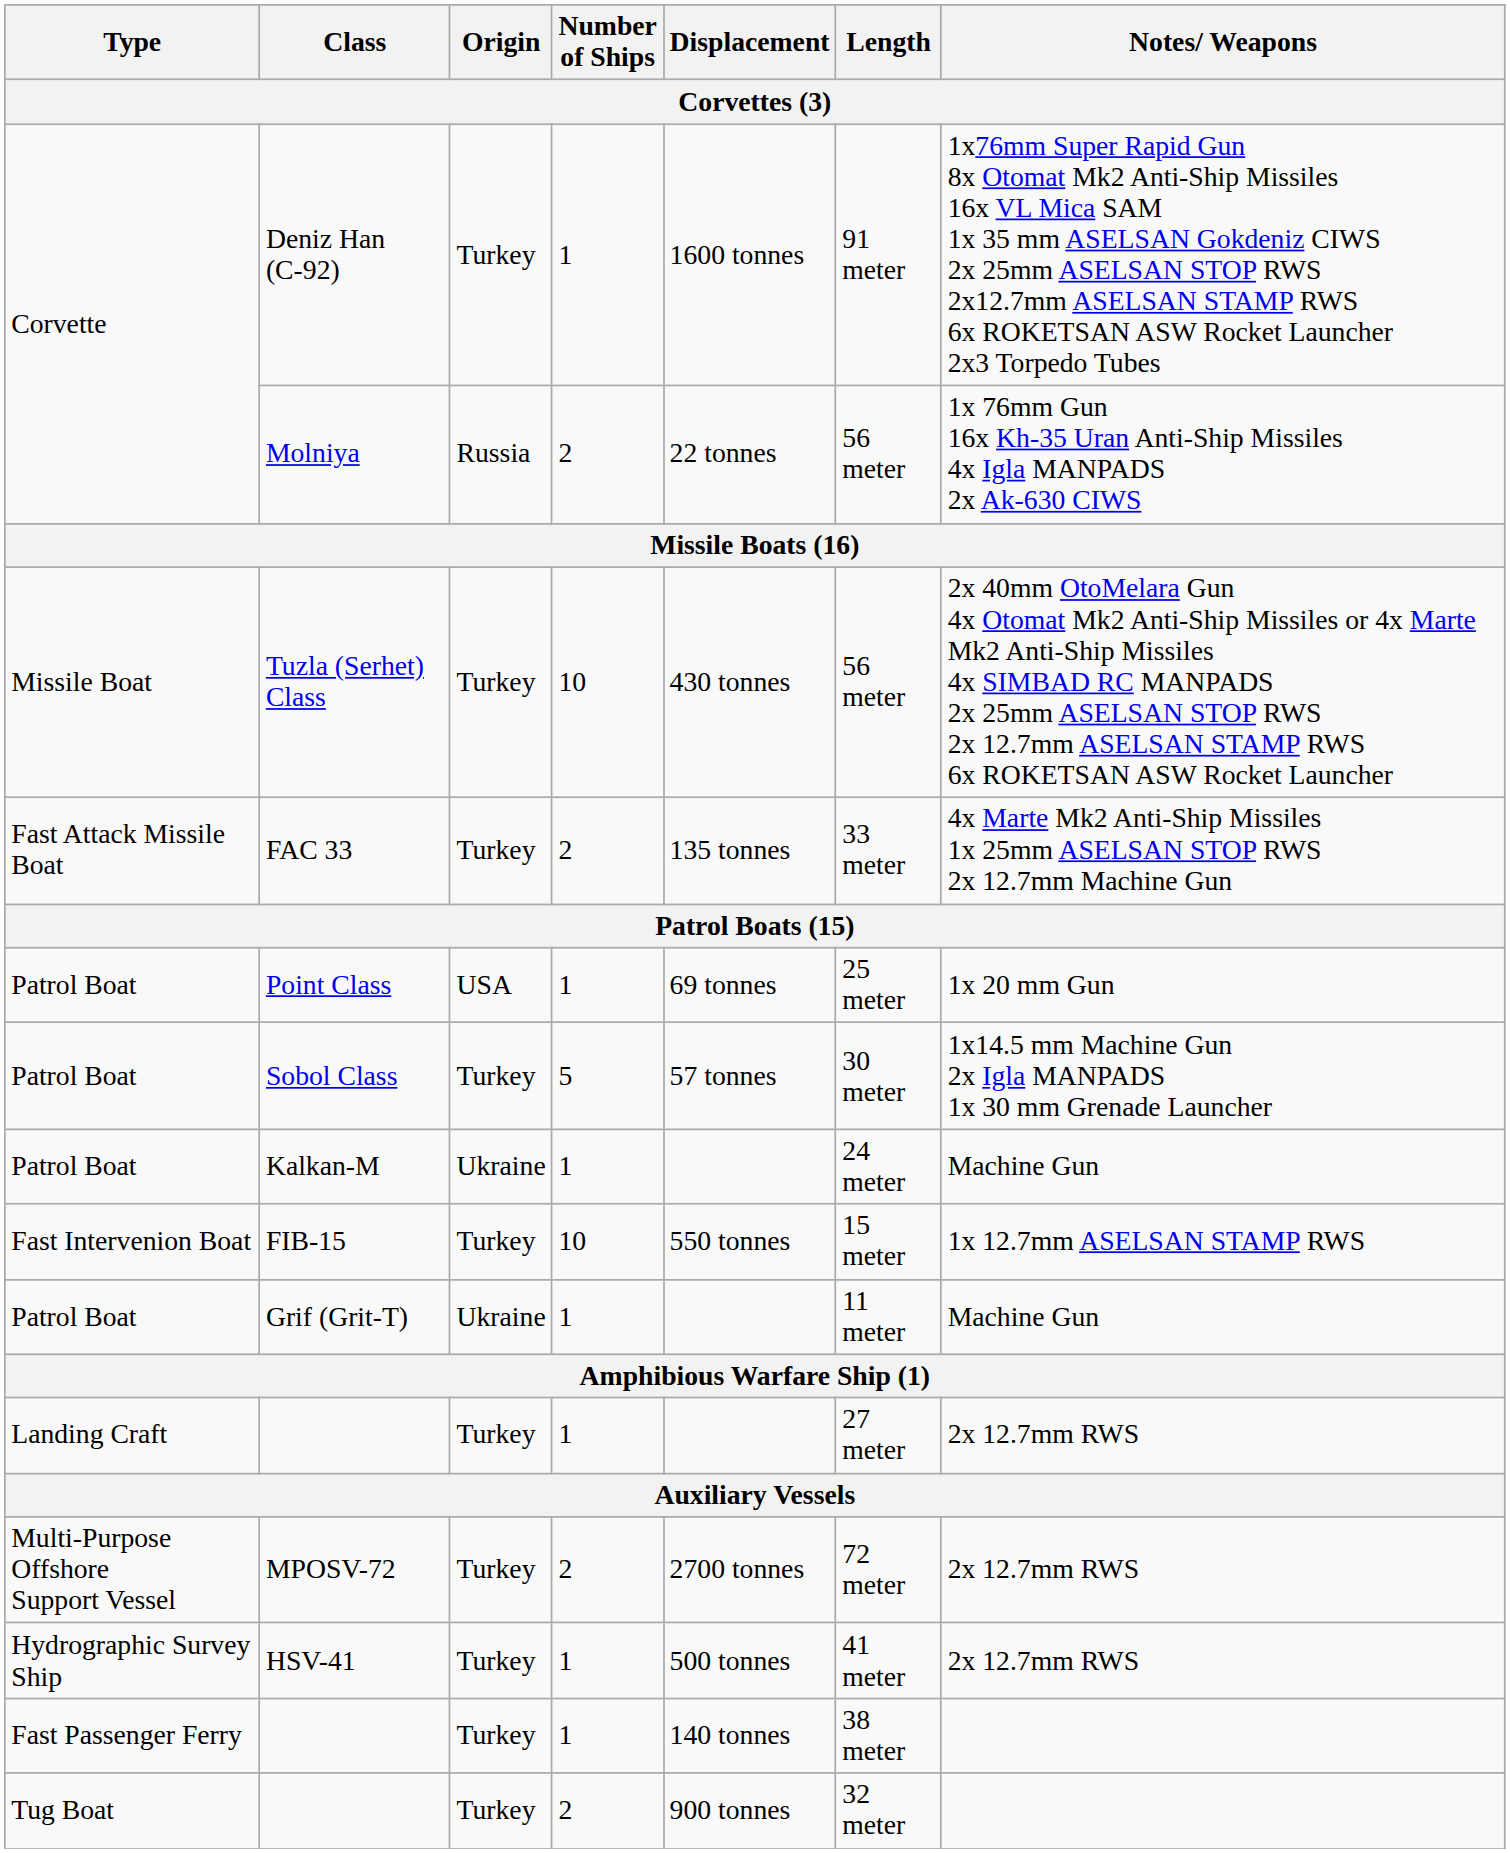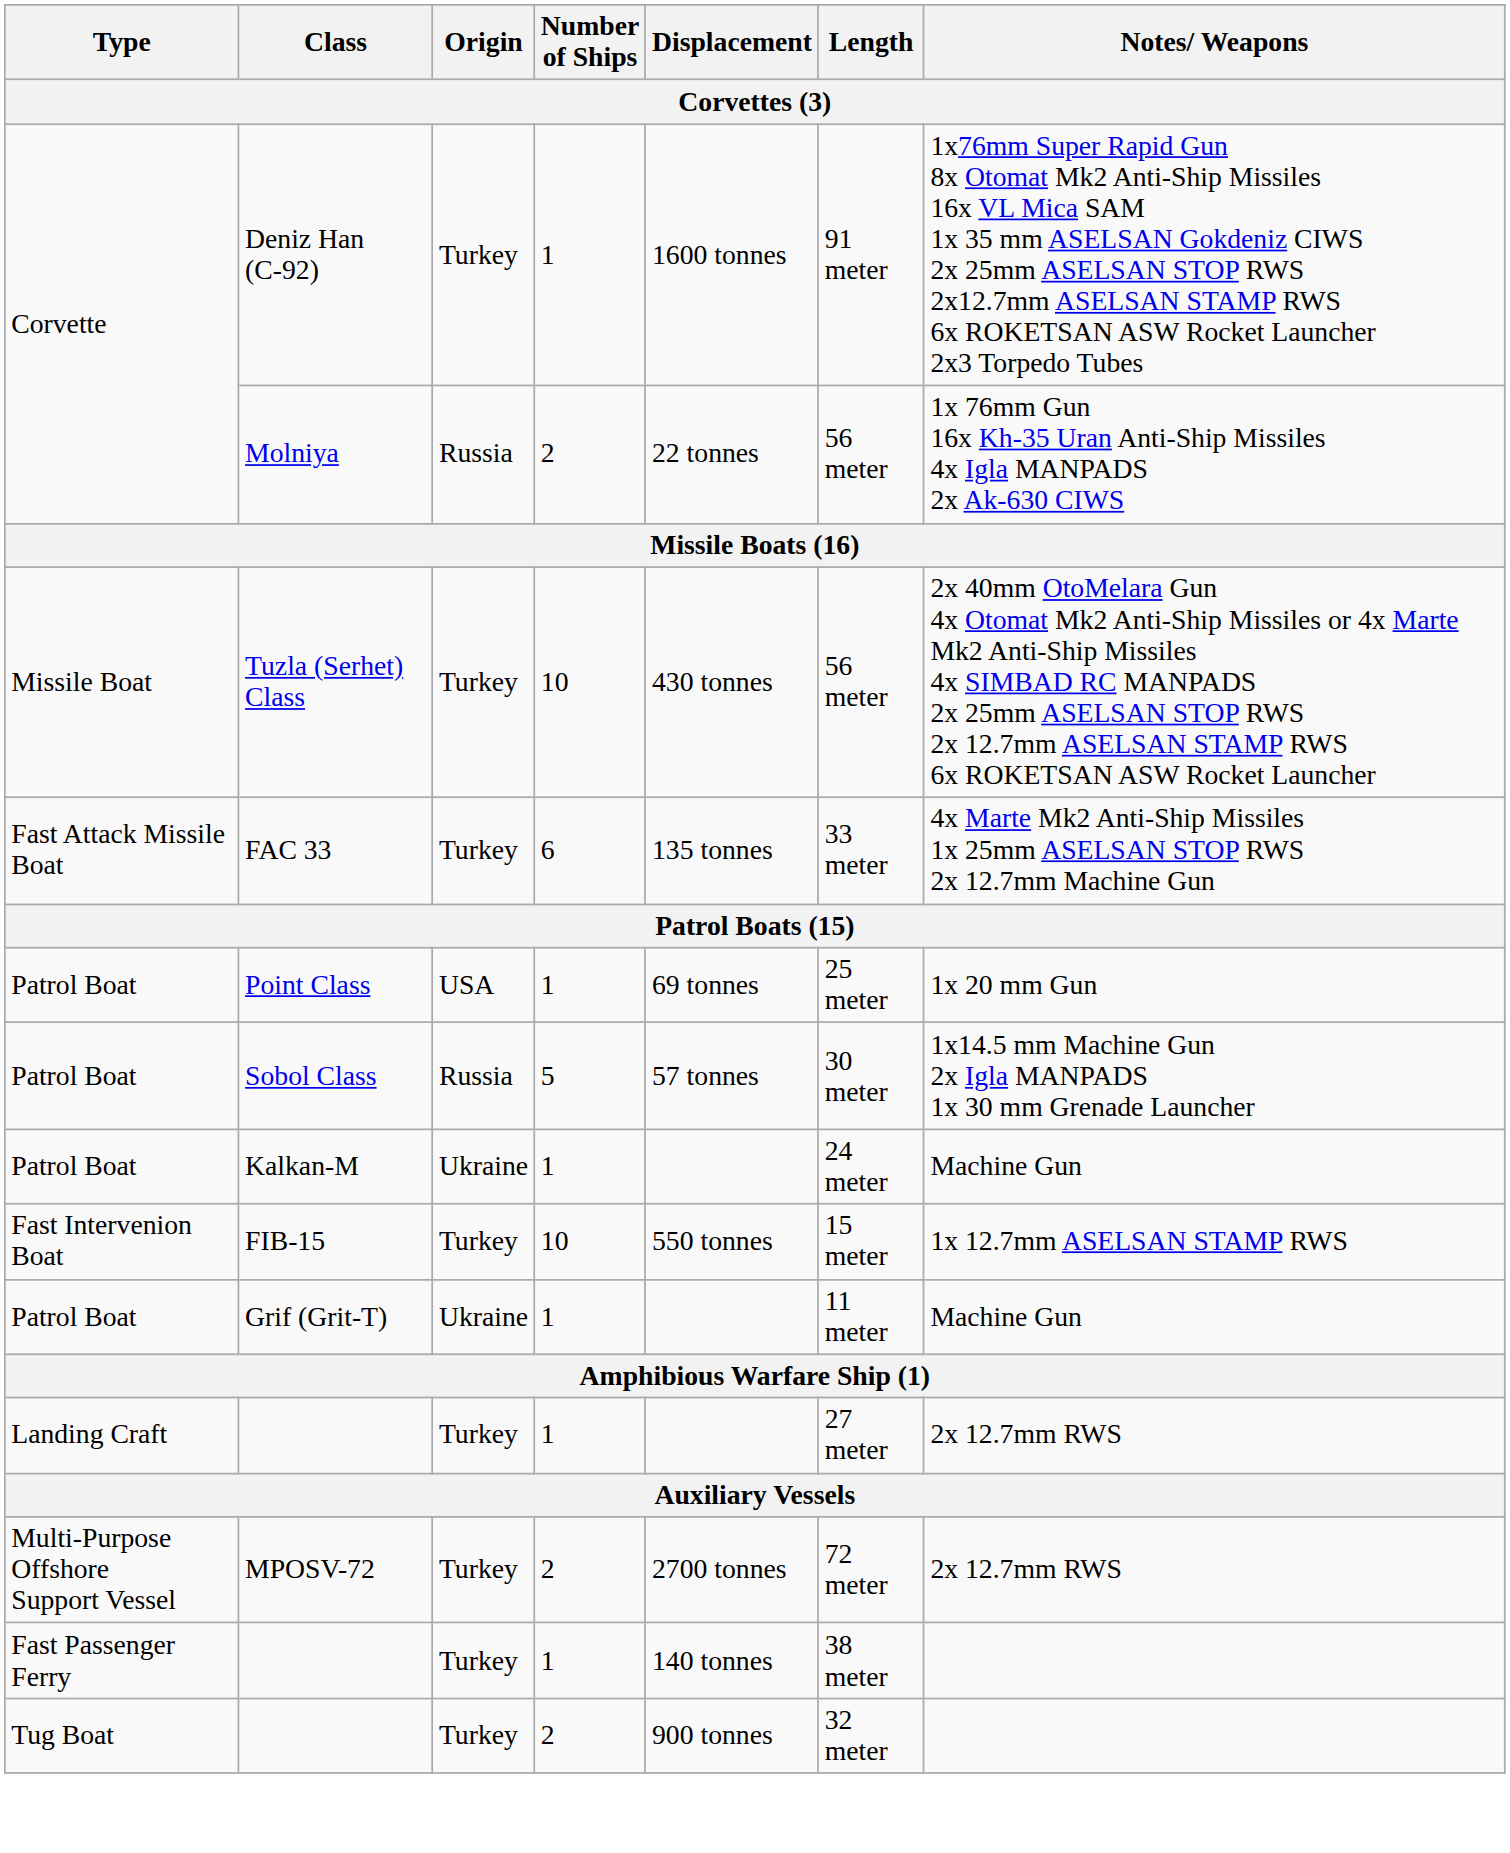 <table class="wikitable sortable">
 <tr>
 <th>Type</th>
 <th>Class</th>
 <th>Origin</th>
 <th>Number<br>of Ships</th>
 <th>Displacement</th>
 <th>Length</th>
 <th>Notes/ Weapons</th>
 </tr>
 <tr>
 <th colspan="7">Corvettes (3)</th>
 </tr>
 <tr>
 <td rowspan="2">Corvette</td>
 <td>Deniz Han<br>(C-92)</td>
 <td>Turkey</td>
 <td>1</td>
 <td>1600 tonnes</td>
 <td>91 meter</td>
 <td>1x<a href='#'>76mm Super Rapid Gun</a><br>8x <a href='#'>Otomat</a> Mk2 Anti-Ship Missiles<br>16x <a href='#'>VL Mica</a> SAM<br>1x 35 mm <a href='#'>ASELSAN Gokdeniz</a> CIWS<br>2x 25mm <a href='#'>ASELSAN STOP</a> RWS<br>2x12.7mm <a href='#'>ASELSAN STAMP</a> RWS<br>6x ROKETSAN ASW Rocket Launcher<br>2x3 Torpedo Tubes</td>
 </tr>
 <tr>
 <td><a href='#'>Molniya</a></td>
 <td>Russia</td>
 <td>2</td>
 <td>22 tonnes</td>
 <td>56 meter</td>
 <td>1x 76mm Gun<br>16x <a href='#'>Kh-35 Uran</a> Anti-Ship Missiles<br>4x <a href='#'>Igla</a> MANPADS<br>2x <a href='#'>Ak-630 CIWS</a></td>
 </tr>
 <tr>
 <th colspan="7">Missile Boats (16)</th>
 </tr>
 <tr>
 <td>Missile Boat</td>
 <td><a href='#'>Tuzla (Serhet) Class</a></td>
 <td>Turkey</td>
 <td>10</td>
 <td>430 tonnes</td>
 <td>56 meter</td>
 <td>2x 40mm <a href='#'>OtoMelara</a> Gun<br>4x <a href='#'>Otomat</a> Mk2 Anti-Ship Missiles or 4x <a href='#'>Marte</a> Mk2 Anti-Ship Missiles<br>4x <a href='#'>SIMBAD RC</a> MANPADS<br>2x 25mm <a href='#'>ASELSAN STOP</a> RWS<br>2x 12.7mm <a href='#'>ASELSAN STAMP</a> RWS<br>6x ROKETSAN ASW Rocket Launcher</td>
 </tr>
 <tr>
 <td>Fast Attack Missile Boat</td>
 <td>FAC 33</td>
 <td>Turkey</td>
-<td>2</td>
+<td>6</td>
 <td>135 tonnes</td>
 <td>33 meter</td>
 <td>4x <a href='#'>Marte</a> Mk2 Anti-Ship Missiles<br>1x 25mm <a href='#'>ASELSAN STOP</a> RWS<br>2x 12.7mm Machine Gun</td>
 </tr>
 <tr>
 <th colspan="7">Patrol Boats (15)</th>
 </tr>
 <tr>
 <td>Patrol Boat</td>
 <td><a href='#'>Point Class</a></td>
 <td>USA</td>
 <td>1</td>
 <td>69 tonnes</td>
 <td>25 meter</td>
 <td>1x 20 mm Gun</td>
 </tr>
 <tr>
 <td>Patrol Boat</td>
 <td><a href='#'>Sobol Class</a></td>
-<td>Turkey</td>
+<td>Russia</td>
 <td>5</td>
 <td>57 tonnes</td>
 <td>30 meter</td>
 <td>1x14.5 mm Machine Gun<br>2x <a href='#'>Igla</a> MANPADS<br>1x 30 mm Grenade Launcher</td>
 </tr>
 <tr>
 <td>Patrol Boat</td>
 <td>Kalkan-M</td>
 <td>Ukraine</td>
 <td>1</td>
 <td></td>
 <td>24 meter</td>
 <td>Machine Gun</td>
 </tr>
 <tr>
 <td>Fast Intervenion Boat</td>
 <td>FIB-15</td>
 <td>Turkey</td>
 <td>10</td>
 <td>550 tonnes</td>
 <td>15 meter</td>
 <td>1x 12.7mm <a href='#'>ASELSAN STAMP</a> RWS</td>
 </tr>
 <tr>
 <td>Patrol Boat</td>
 <td>Grif (Grit-T)</td>
 <td>Ukraine</td>
 <td>1</td>
 <td></td>
 <td>11 meter</td>
 <td>Machine Gun</td>
 </tr>
 <tr>
 <th colspan="7">Amphibious Warfare Ship (1)</th>
 </tr>
 <tr>
 <td>Landing Craft</td>
 <td></td>
 <td>Turkey</td>
 <td>1</td>
 <td></td>
 <td>27 meter</td>
 <td>2x 12.7mm RWS</td>
 </tr>
 <tr>
 <th colspan="7">Auxiliary Vessels</th>
 </tr>
 <tr>
 <td>Multi-Purpose Offshore<br>Support Vessel</td>
 <td>MPOSV-72</td>
 <td>Turkey</td>
 <td>2</td>
 <td>2700 tonnes</td>
 <td>72 meter</td>
 <td>2x 12.7mm RWS</td>
 </tr>
 <tr>
-<td>Hydrographic Survey Ship</td>
-<td>HSV-41</td>
-<td>Turkey</td>
-<td>1</td>
-<td>500 tonnes</td>
-<td>41 meter</td>
-<td>2x 12.7mm RWS</td>
-</tr>
-<tr>
 <td>Fast Passenger Ferry</td>
 <td></td>
 <td>Turkey</td>
 <td>1</td>
 <td>140 tonnes</td>
 <td>38 meter</td>
 <td></td>
 </tr>
 <tr>
 <td>Tug Boat</td>
 <td></td>
 <td>Turkey</td>
 <td>2</td>
 <td>900 tonnes</td>
 <td>32 meter</td>
 <td></td>
 </tr>
 </table>
